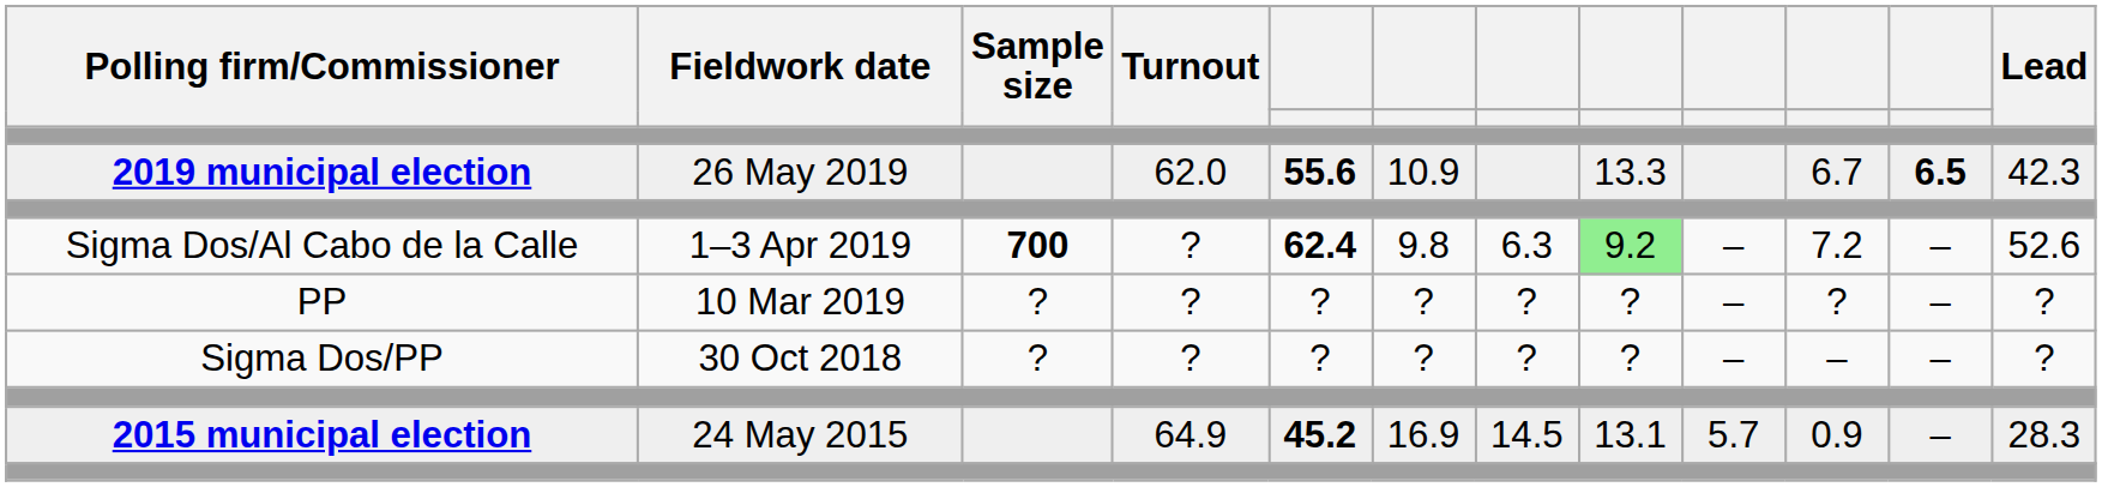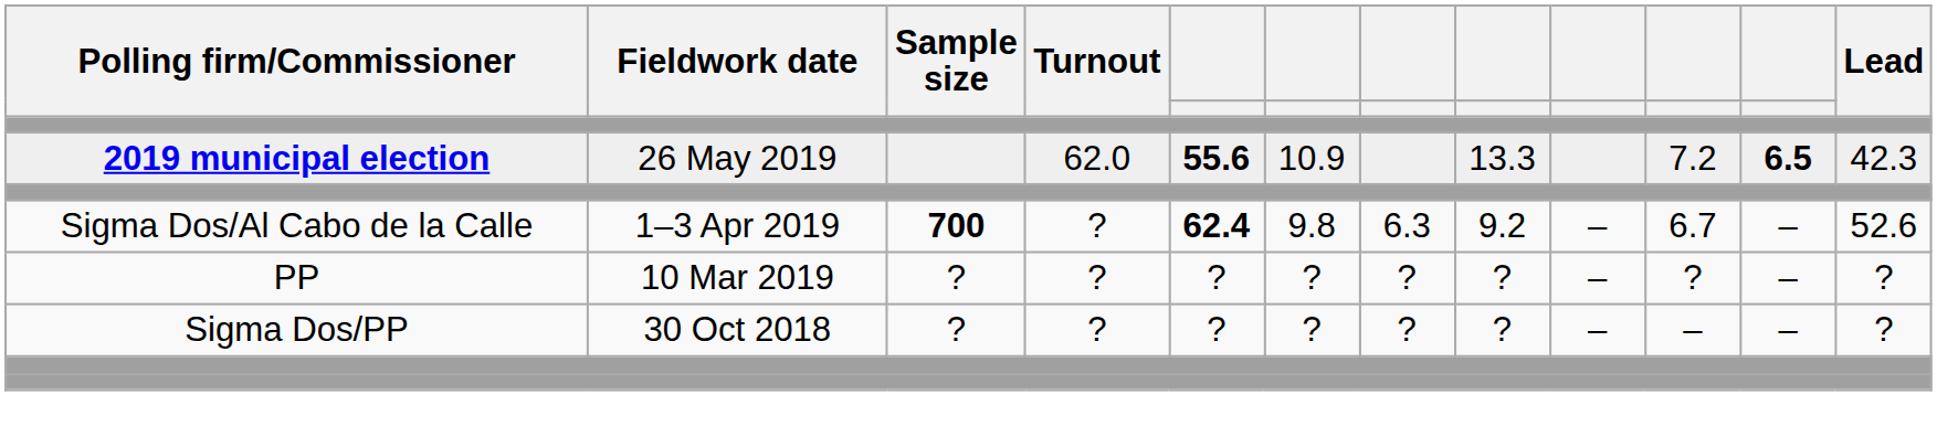 <table class="wikitable collapsible collapsed" style="text-align:center; font-size:95%; line-height:16px;">
 <tr style="height:42px;">
 <th style="width:250px;" rowspan="2">Polling firm/Commissioner</th>
 <th style="width:125px;" rowspan="2">Fieldwork date</th>
 <th style="width:50px;" rowspan="2">Sample size</th>
 <th style="width:45px;" rowspan="2">Turnout</th>
 <th style="width:35px;"></th>
 <th style="width:35px;"></th>
 <th style="width:35px;"></th>
 <th style="width:35px;"></th>
 <th style="width:35px;"></th>
 <th style="width:35px;"></th>
 <th style="width:35px;"></th>
 <th style="width:30px;" rowspan="2">Lead</th>
 </tr>
 <tr>
 <th style="color:inherit;background:"></th>
 <th style="color:inherit;background:"></th>
 <th style="color:inherit;background:"></th>
 <th style="color:inherit;background:"></th>
 <th style="color:inherit;background:"></th>
 <th style="color:inherit;background:"></th>
 <th style="color:inherit;background:"></th>
 </tr>
 <tr>
 <td colspan="12" style="background:#A0A0A0"></td>
 </tr>
 <tr style="background:#EFEFEF;">
 <td><strong><a href='#'>2019 municipal election</a></strong></td>
 <td>26 May 2019</td>
 <td></td>
 <td>62.0</td>
 <td><strong>55.6</strong><br></td>
 <td>10.9<br></td>
 <td></td>
 <td>13.3<br></td>
 <td></td>
-<td>6.7<br></td>
+<td>7.2<br></td>
 <td><strong>6.5<br></strong></td>
 <td style="background:">42.3</td>
 </tr>
 <tr>
 <td colspan="12" style="background:#A0A0A0"></td>
 </tr>
 <tr>
 <td>Sigma Dos/Al Cabo de la Calle</td>
 <td>1–3 Apr 2019</td>
 <td><strong>700</strong></td>
 <td>?</td>
 <td><strong>62.4</strong><br></td>
 <td>9.8<br></td>
 <td>6.3<br></td>
-<td style="background: lightgreen;">9.2<br></td>
+<td>9.2<br></td>
 <td>–</td>
-<td>7.2<br></td>
+<td>6.7<br></td>
 <td>–</td>
 <td style="background:">52.6</td>
 </tr>
 <tr>
 <td>PP</td>
 <td>10 Mar 2019</td>
 <td>?</td>
 <td>?</td>
 <td>?<br></td>
 <td>?<br></td>
 <td>?<br></td>
 <td>?<br></td>
 <td>–</td>
 <td>?<br></td>
 <td>–</td>
 <td style="background:">?</td>
 </tr>
 <tr>
 <td>Sigma Dos/PP</td>
 <td>30 Oct 2018</td>
 <td>?</td>
 <td>?</td>
 <td>?<br></td>
 <td>?<br></td>
 <td>?<br></td>
 <td>?<br></td>
 <td>–</td>
 <td>–</td>
 <td>–</td>
 <td style="background:">?</td>
 </tr>
 <tr>
 <td colspan="12" style="background:#A0A0A0"></td>
 </tr>
-<tr style="background:#EFEFEF;">
-<td><strong><a href='#'>2015 municipal election</a></strong></td>
-<td>24 May 2015</td>
-<td></td>
-<td>64.9</td>
-<td><strong>45.2</strong><br></td>
-<td>16.9<br></td>
-<td>14.5<br></td>
-<td>13.1<br></td>
-<td>5.7<br></td>
-<td>0.9<br></td>
-<td>–</td>
-<td style="background:">28.3</td>
-</tr>
 <tr>
 <td colspan="12" style="background:#A0A0A0"></td>
 </tr>
 </table>
